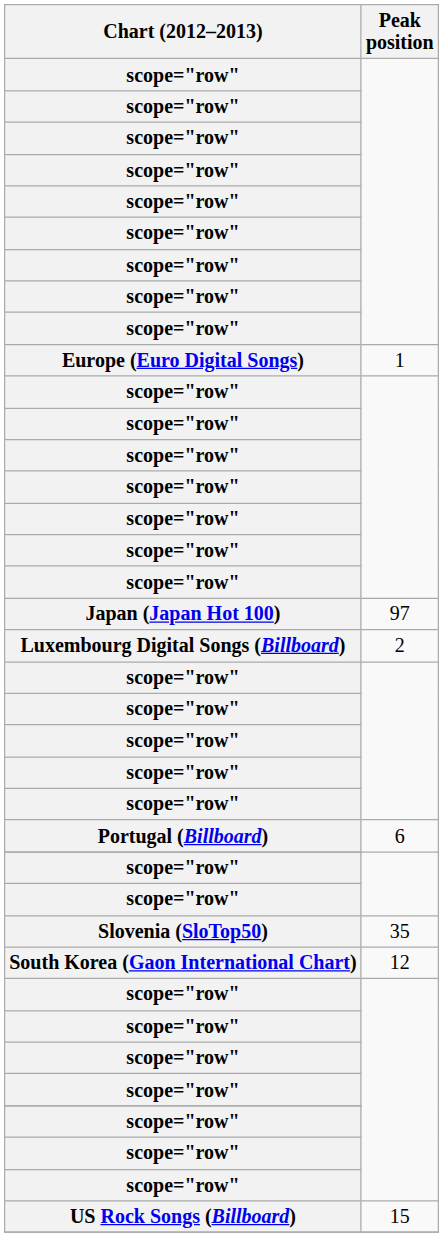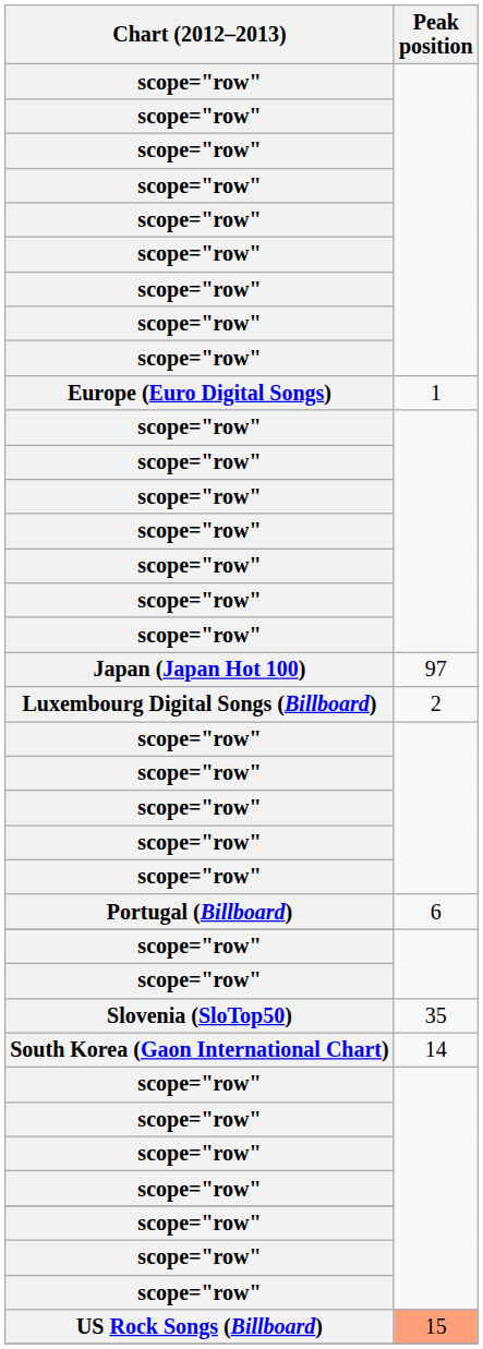 <table class="wikitable sortable plainrowheaders">
 <tr>
 <th>Chart (2012–2013)</th>
 <th>Peak<br>position</th>
 </tr>
 <tr>
 <th>scope="row"</th>
 </tr>
 <tr>
 <th>scope="row"</th>
 </tr>
 <tr>
 <th>scope="row"</th>
 </tr>
 <tr>
 <th>scope="row"</th>
 </tr>
 <tr>
 <th>scope="row"</th>
 </tr>
 <tr>
 <th>scope="row"</th>
 </tr>
 <tr>
 <th>scope="row"</th>
 </tr>
 <tr>
 <th>scope="row"</th>
 </tr>
 <tr>
 <th>scope="row"</th>
 </tr>
 <tr>
 <th scope="row">Europe (<a href='#'>Euro Digital Songs</a>)</th>
 <td style="text-align:center;">1</td>
 </tr>
 <tr>
 <th>scope="row"</th>
 </tr>
 <tr>
 <th>scope="row"</th>
 </tr>
 <tr>
 <th>scope="row"</th>
 </tr>
 <tr>
 <th>scope="row"</th>
 </tr>
 <tr>
 <th>scope="row"</th>
 </tr>
 <tr>
 <th>scope="row"</th>
 </tr>
 <tr>
 <th>scope="row"</th>
 </tr>
 <tr>
 <th scope="row">Japan (<a href='#'>Japan Hot 100</a>)</th>
 <td style="text-align:center;">97</td>
 </tr>
 <tr>
 <th scope="row">Luxembourg Digital Songs (<em><a href='#'>Billboard</a></em>)</th>
 <td style="text-align:center;">2</td>
 </tr>
 <tr>
 <th>scope="row"</th>
 </tr>
 <tr>
 <th>scope="row"</th>
 </tr>
 <tr>
 <th>scope="row"</th>
 </tr>
 <tr>
 <th>scope="row"</th>
 </tr>
 <tr>
 <th>scope="row"</th>
 </tr>
 <tr>
 <th scope="row">Portugal (<em><a href='#'>Billboard</a></em>)</th>
 <td style="text-align:center;">6</td>
 </tr>
 <tr>
 </tr>
 <tr>
 <th>scope="row"</th>
 </tr>
 <tr>
 <th>scope="row"</th>
 </tr>
 <tr>
 <th scope="row">Slovenia (<a href='#'>SloTop50</a>)</th>
 <td align=center>35</td>
 </tr>
 <tr>
 <th scope="row">South Korea (<a href='#'>Gaon International Chart</a>)</th>
-<td style="text-align:center;">12</td>
+<td style="text-align:center;">14</td>
 </tr>
 <tr>
 <th>scope="row"</th>
 </tr>
 <tr>
 <th>scope="row"</th>
 </tr>
 <tr>
 <th>scope="row"</th>
 </tr>
 <tr>
 <th>scope="row"</th>
 </tr>
 <tr>
 </tr>
 <tr>
 <th>scope="row"</th>
 </tr>
 <tr>
 <th>scope="row"</th>
 </tr>
 <tr>
 <th>scope="row"</th>
 </tr>
 <tr>
 <th scope="row">US <a href='#'>Rock Songs</a> (<em><a href='#'>Billboard</a></em>)</th>
-<td style="text-align:center;">15</td>
+<td style="background: lightsalmon; text-align:center;">15</td>
 </tr>
 <tr>
 </tr>
 </table>
